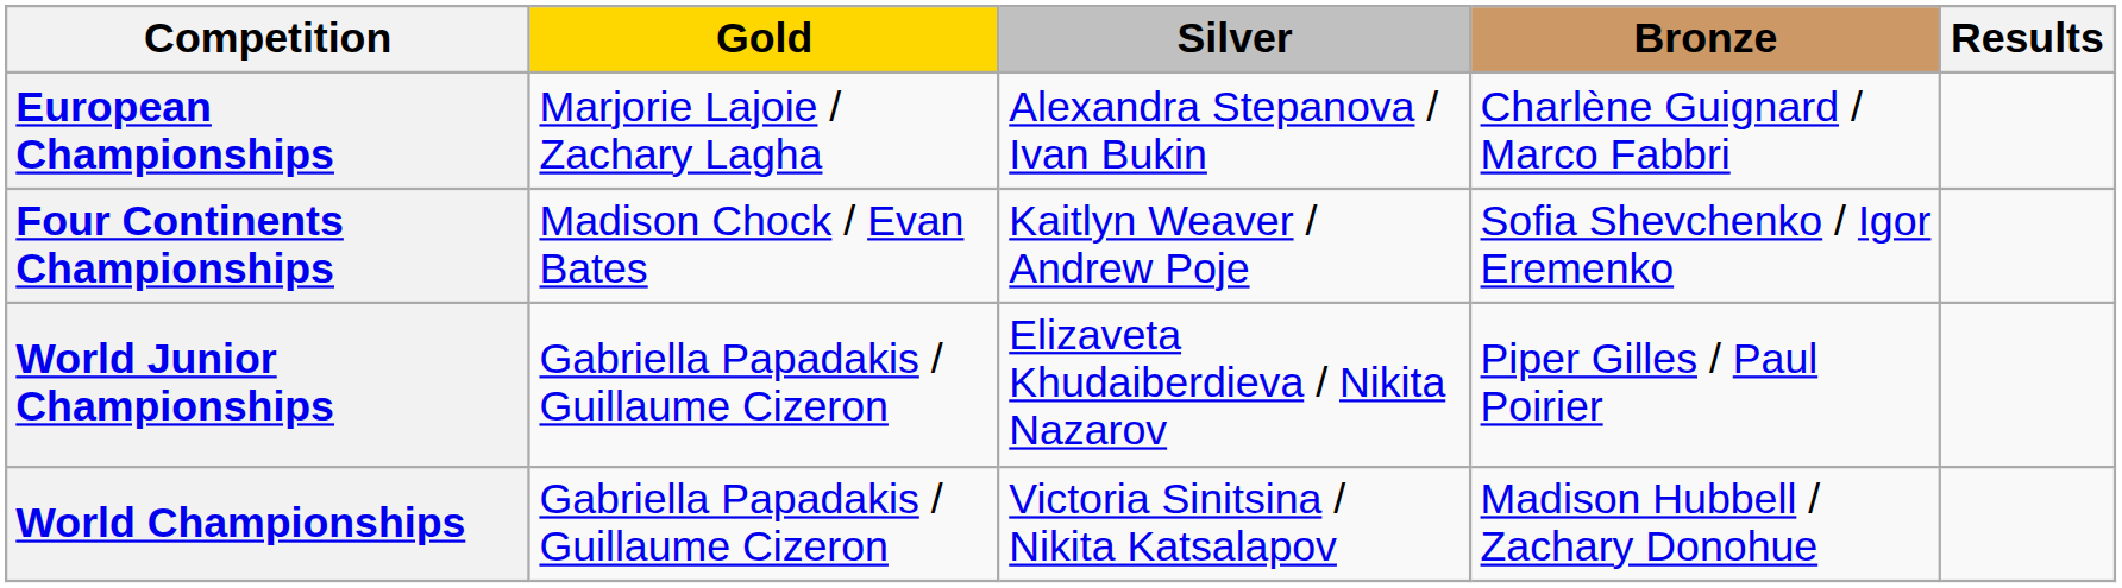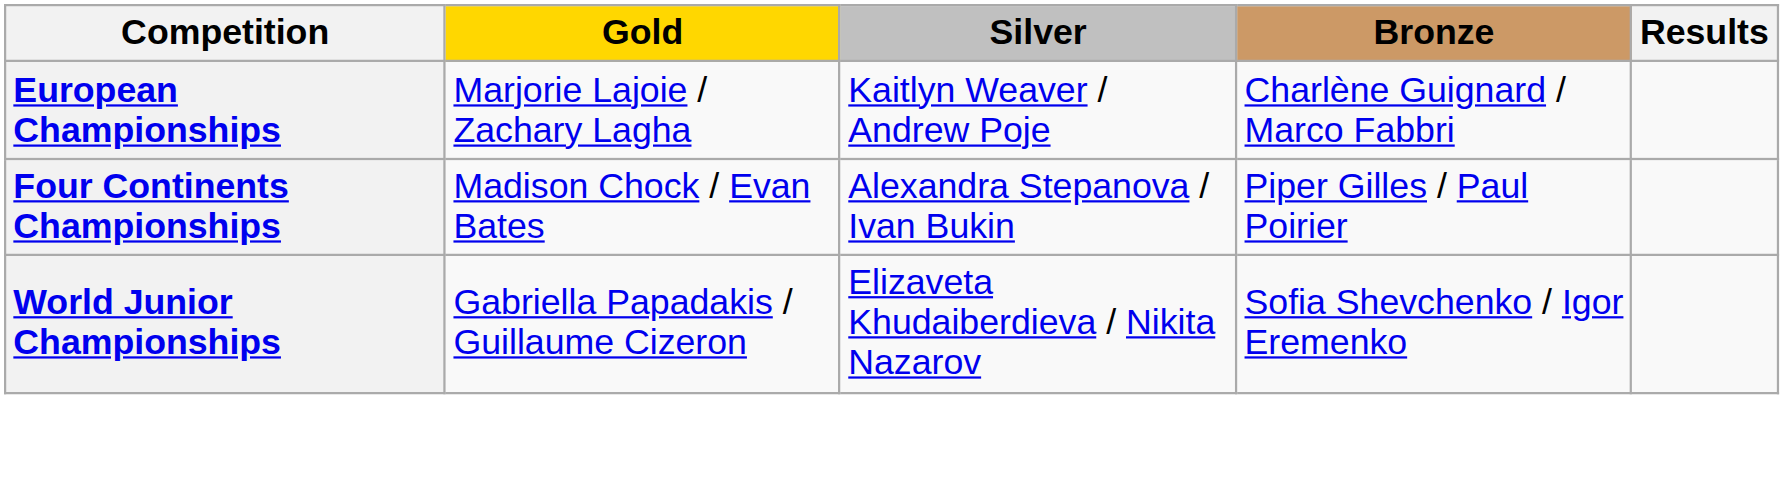 <table class="wikitable unsortable" style="text-align:left; width:90%;">
 <tr>
 <th scope="col" style="text-align:center; width:25%;">Competition</th>
 <td scope="col" style="text-align:center; width:22.5%; background:gold"><strong>Gold</strong></td>
 <td scope="col" style="text-align:center; width:22.5%; background:silver"><strong>Silver</strong></td>
 <td scope="col" style="text-align:center; width:22.5%; background:#c96"><strong>Bronze</strong></td>
 <th scope="col" style="text-align:center; width:7.5%;">Results</th>
 </tr>
 <tr>
 <th scope="row" style="text-align:left"> <a href='#'>European Championships</a></th>
 <td> <a href='#'>Marjorie Lajoie</a> / <a href='#'>Zachary Lagha</a></td>
-<td> <a href='#'>Alexandra Stepanova</a> / <a href='#'>Ivan Bukin</a></td>
+<td> <a href='#'>Kaitlyn Weaver</a> / <a href='#'>Andrew Poje</a></td>
 <td> <a href='#'>Charlène Guignard</a> / <a href='#'>Marco Fabbri</a></td>
 <td></td>
 </tr>
 <tr>
 <th scope="row" style="text-align:left"> <a href='#'>Four Continents Championships</a></th>
 <td> <a href='#'>Madison Chock</a> / <a href='#'>Evan Bates</a></td>
-<td> <a href='#'>Kaitlyn Weaver</a> / <a href='#'>Andrew Poje</a></td>
-<td> <a href='#'>Sofia Shevchenko</a> / <a href='#'>Igor Eremenko</a></td>
+<td> <a href='#'>Alexandra Stepanova</a> / <a href='#'>Ivan Bukin</a></td>
+<td> <a href='#'>Piper Gilles</a> / <a href='#'>Paul Poirier</a></td>
 <td></td>
 </tr>
 <tr>
 <th scope="row" style="text-align:left"> <a href='#'>World Junior Championships</a></th>
 <td> <a href='#'>Gabriella Papadakis</a> / <a href='#'>Guillaume Cizeron</a></td>
 <td> <a href='#'>Elizaveta Khudaiberdieva</a> / <a href='#'>Nikita Nazarov</a></td>
-<td> <a href='#'>Piper Gilles</a> / <a href='#'>Paul Poirier</a></td>
-<td></td>
-</tr>
-<tr>
-<th scope="row" style="text-align:left"> <a href='#'>World Championships</a></th>
-<td> <a href='#'>Gabriella Papadakis</a> / <a href='#'>Guillaume Cizeron</a></td>
-<td> <a href='#'>Victoria Sinitsina</a> / <a href='#'>Nikita Katsalapov</a></td>
-<td> <a href='#'>Madison Hubbell</a> / <a href='#'>Zachary Donohue</a></td>
+<td> <a href='#'>Sofia Shevchenko</a> / <a href='#'>Igor Eremenko</a></td>
 <td></td>
 </tr>
 </table>
